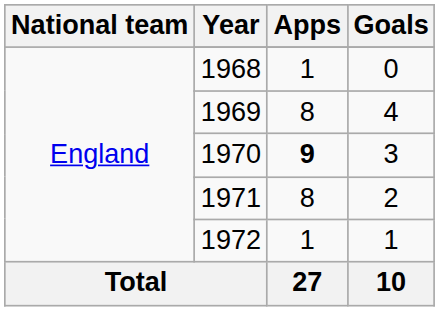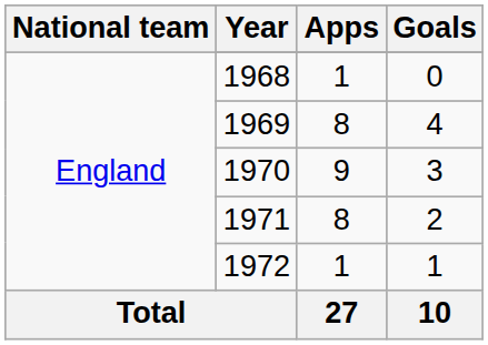 <table class="wikitable" style="text-align: center;">
 <tr>
 <th>National team</th>
 <th>Year</th>
 <th>Apps</th>
 <th>Goals</th>
 </tr>
 <tr>
 <td rowspan="6"><a href='#'>England</a></td>
 </tr>
 <tr>
 <td>1968</td>
 <td>1</td>
 <td>0</td>
 </tr>
 <tr>
 <td>1969</td>
 <td>8</td>
 <td>4</td>
 </tr>
 <tr>
 <td>1970</td>
-<td><strong>9</strong></td>
+<td>9</td>
 <td>3</td>
 </tr>
 <tr>
 <td>1971</td>
 <td>8</td>
 <td>2</td>
 </tr>
 <tr>
 <td>1972</td>
 <td>1</td>
 <td>1</td>
 </tr>
 <tr>
 <th colspan="2">Total</th>
 <th>27</th>
 <th>10</th>
 </tr>
 </table>
